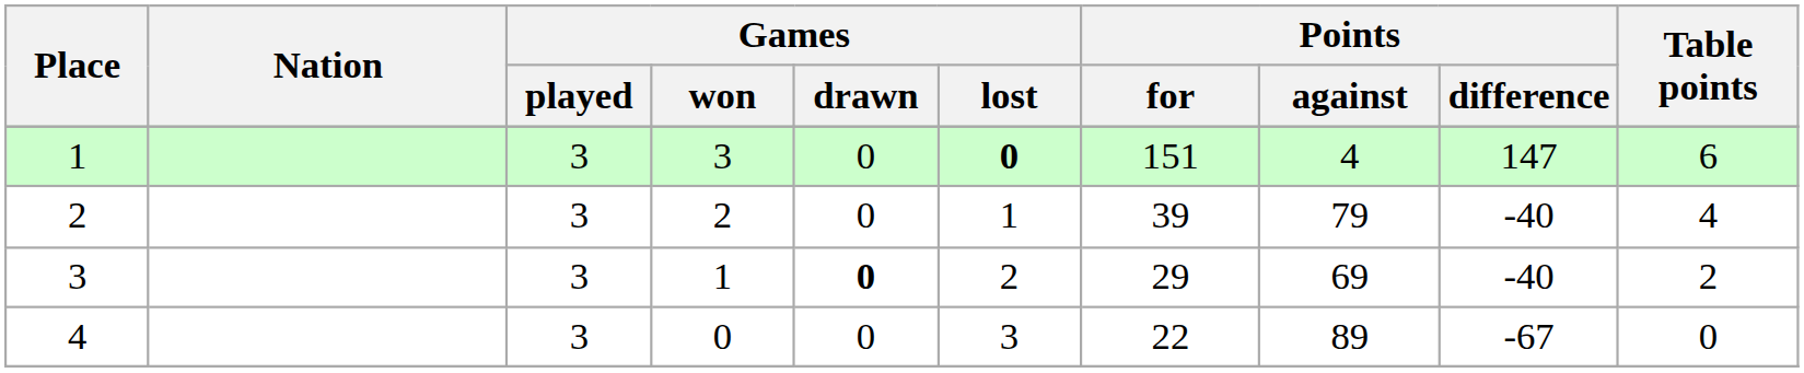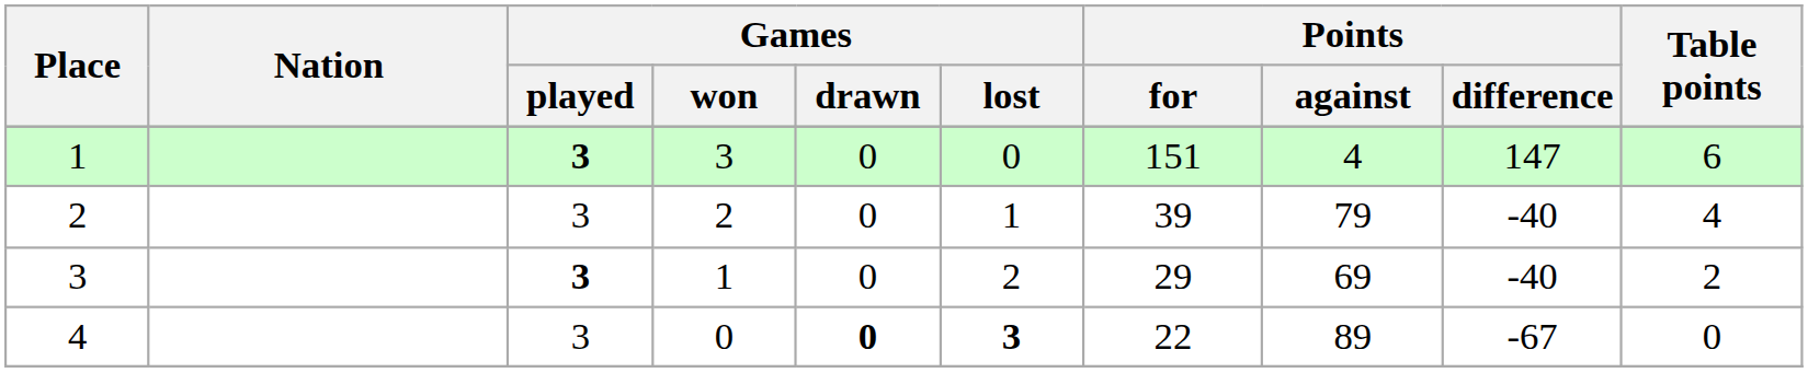 <table class="wikitable">
 <tr>
 <th rowspan=2 width="8%">Place</th>
 <th rowspan=2 width="20%">Nation</th>
 <th colspan=4 width="32%">Games</th>
 <th colspan=3 width="30%">Points</th>
 <th rowspan=2 width="10%">Table<br>points</th>
 </tr>
 <tr>
 <th width="8%">played</th>
 <th width="8%">won</th>
 <th width="8%">drawn</th>
 <th width="8%">lost</th>
 <th width="10%">for</th>
 <th width="10%">against</th>
 <th width="10%">difference</th>
 </tr>
 <tr>
 </tr>
 <tr bgcolor=#ccffcc align=center>
 <td>1</td>
 <td align=left><strong></strong></td>
-<td>3</td>
+<td><strong>3</strong></td>
 <td>3</td>
 <td>0</td>
-<td><strong>0</strong></td>
+<td>0</td>
 <td>151</td>
 <td>4</td>
 <td>147</td>
 <td>6</td>
 </tr>
 <tr bgcolor=#ffffff align=center>
 <td>2</td>
 <td align=left></td>
 <td>3</td>
 <td>2</td>
 <td>0</td>
 <td>1</td>
 <td>39</td>
 <td>79</td>
 <td>-40</td>
 <td>4</td>
 </tr>
 <tr bgcolor=#ffffff align=center>
 <td>3</td>
 <td align=left></td>
-<td>3</td>
+<td><strong>3</strong></td>
 <td>1</td>
-<td><strong>0</strong></td>
+<td>0</td>
 <td>2</td>
 <td>29</td>
 <td>69</td>
 <td>-40</td>
 <td>2</td>
 </tr>
 <tr bgcolor=#ffffff align=center>
 <td>4</td>
 <td align=left></td>
 <td>3</td>
 <td>0</td>
-<td>0</td>
-<td>3</td>
+<td><strong>0</strong></td>
+<td><strong>3</strong></td>
 <td>22</td>
 <td>89</td>
 <td>-67</td>
 <td>0</td>
 </tr>
 <tr bgcolor=#ffcccc align=center>
 </tr>
 </table>
